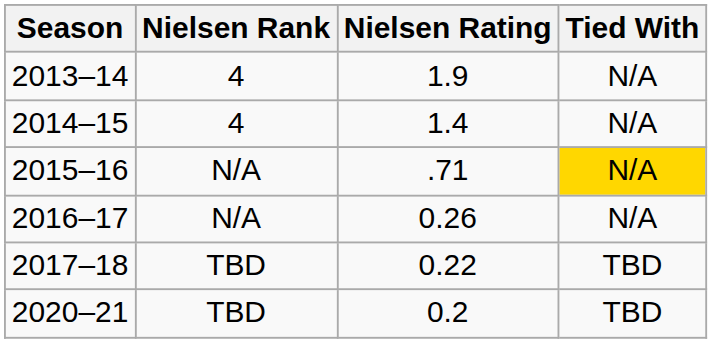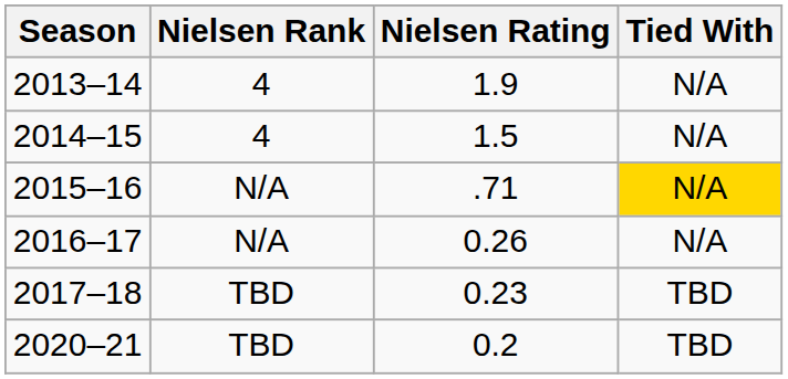 <table class="wikitable" style="text-align: center">
 <tr>
 <th>Season</th>
 <th>Nielsen Rank</th>
 <th>Nielsen Rating</th>
 <th>Tied With</th>
 </tr>
 <tr>
 <td style="text-align:center">2013–14</td>
 <td style="text-align:center:">4</td>
 <td style="text-align:center">1.9</td>
 <td style="text-align:center">N/A</td>
 </tr>
 <tr>
 <td style="text-align:center">2014–15</td>
 <td style="text-align:center:">4</td>
-<td style="text-align:center">1.4</td>
+<td style="text-align:center">1.5</td>
 <td style="text-align:center">N/A</td>
 </tr>
 <tr>
 <td style="text-align:center">2015–16</td>
 <td style="text-align:center:">N/A</td>
 <td style="text-align:center">.71</td>
 <td style="background: gold; text-align:center">N/A</td>
 </tr>
 <tr>
 <td style="text-align:center">2016–17</td>
 <td style="text-align:center:">N/A</td>
 <td style="text-align:center">0.26</td>
 <td style="text-align:center">N/A</td>
 </tr>
 <tr>
 <td style="text-align:center">2017–18</td>
 <td style="text-align:center:">TBD</td>
-<td style="text-align:center">0.22</td>
+<td style="text-align:center">0.23</td>
 <td style="text-align:center">TBD</td>
 </tr>
 <tr>
 <td style="text-align:center">2020–21</td>
 <td style="text-align:center:">TBD</td>
 <td style="text-align:center">0.2</td>
 <td style="text-align:center">TBD</td>
 </tr>
 </table>
